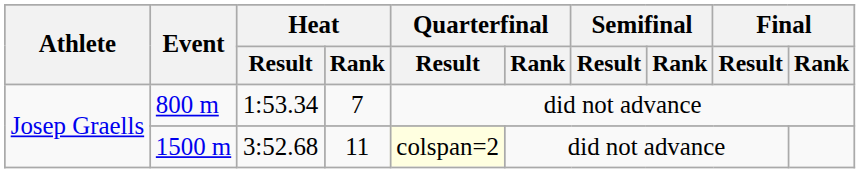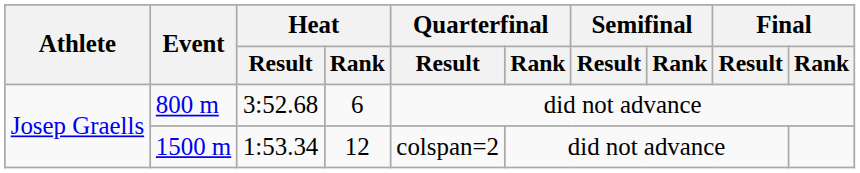 <table class="wikitable" style="font-size:90%">
 <tr>
 <th rowspan="2">Athlete</th>
 <th rowspan="2">Event</th>
 <th colspan="2">Heat</th>
 <th colspan="2">Quarterfinal</th>
 <th colspan="2">Semifinal</th>
 <th colspan="2">Final</th>
 </tr>
 <tr style="font-size:95%">
 <th>Result</th>
 <th>Rank</th>
 <th>Result</th>
 <th>Rank</th>
 <th>Result</th>
 <th>Rank</th>
 <th>Result</th>
 <th>Rank</th>
 </tr>
 <tr align=center>
 <td align=left rowspan=2><a href='#'>Josep Graells</a></td>
 <td align=left><a href='#'>800 m</a></td>
-<td>1:53.34</td>
-<td>7</td>
+<td>3:52.68</td>
+<td>6</td>
 <td colspan=6>did not advance</td>
 </tr>
 <tr align=center>
 <td align=left><a href='#'>1500 m</a></td>
-<td>3:52.68</td>
-<td>11</td>
-<td style="background: lightyellow;">colspan=2 </td>
+<td>1:53.34</td>
+<td>12</td>
+<td>colspan=2 </td>
 <td colspan=4>did not advance</td>
 </tr>
 </table>
